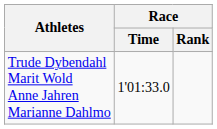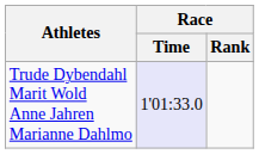 <table class="wikitable" border="1" style="font-size:90%">
 <tr>
 <th rowspan=2>Athletes</th>
 <th colspan=2>Race</th>
 </tr>
 <tr>
 <th>Time</th>
 <th>Rank</th>
 </tr>
 <tr>
 <td><a href='#'>Trude Dybendahl</a><br><a href='#'>Marit Wold</a><br><a href='#'>Anne Jahren</a><br><a href='#'>Marianne Dahlmo</a></td>
-<td align=center>1'01:33.0</td>
+<td align=center style="background: lavender;">1'01:33.0</td>
 <td align=center></td>
 </tr>
 </table>
